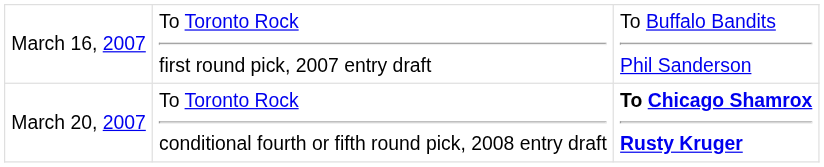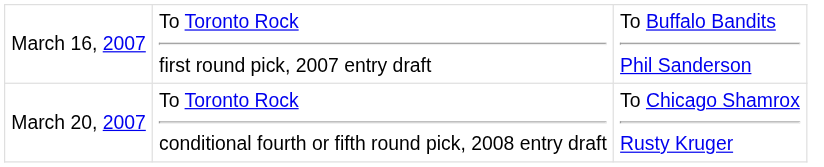 <table border=1 style="border-collapse:collapse" bordercolor="#DFDFDF"  cellpadding="5">
 <tr>
 <td>March 16, <a href='#'>2007</a><br></td>
 <td valign="top">To <a href='#'>Toronto Rock</a> <hr> first round pick, 2007 entry draft</td>
 <td valign="top">To <a href='#'>Buffalo Bandits</a> <hr><a href='#'>Phil Sanderson</a></td>
 </tr>
 <tr>
 <td>March 20, <a href='#'>2007</a><br></td>
 <td valign="top">To <a href='#'>Toronto Rock</a> <hr> conditional fourth or fifth round pick, 2008 entry draft</td>
-<td valign="top"><strong>To <a href='#'>Chicago Shamrox</a> <hr><a href='#'>Rusty Kruger</a></strong></td>
+<td valign="top">To <a href='#'>Chicago Shamrox</a> <hr><a href='#'>Rusty Kruger</a></td>
 </tr>
 </table>
